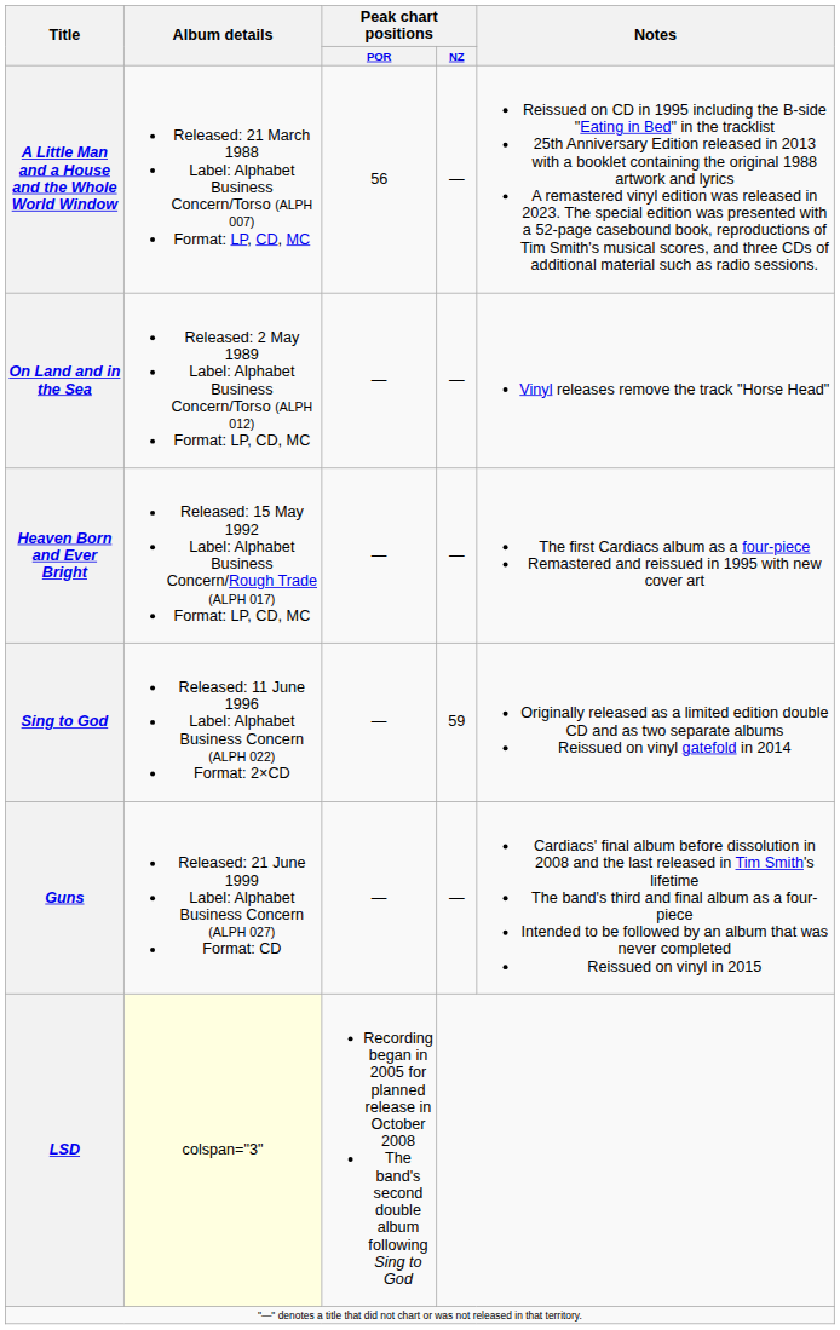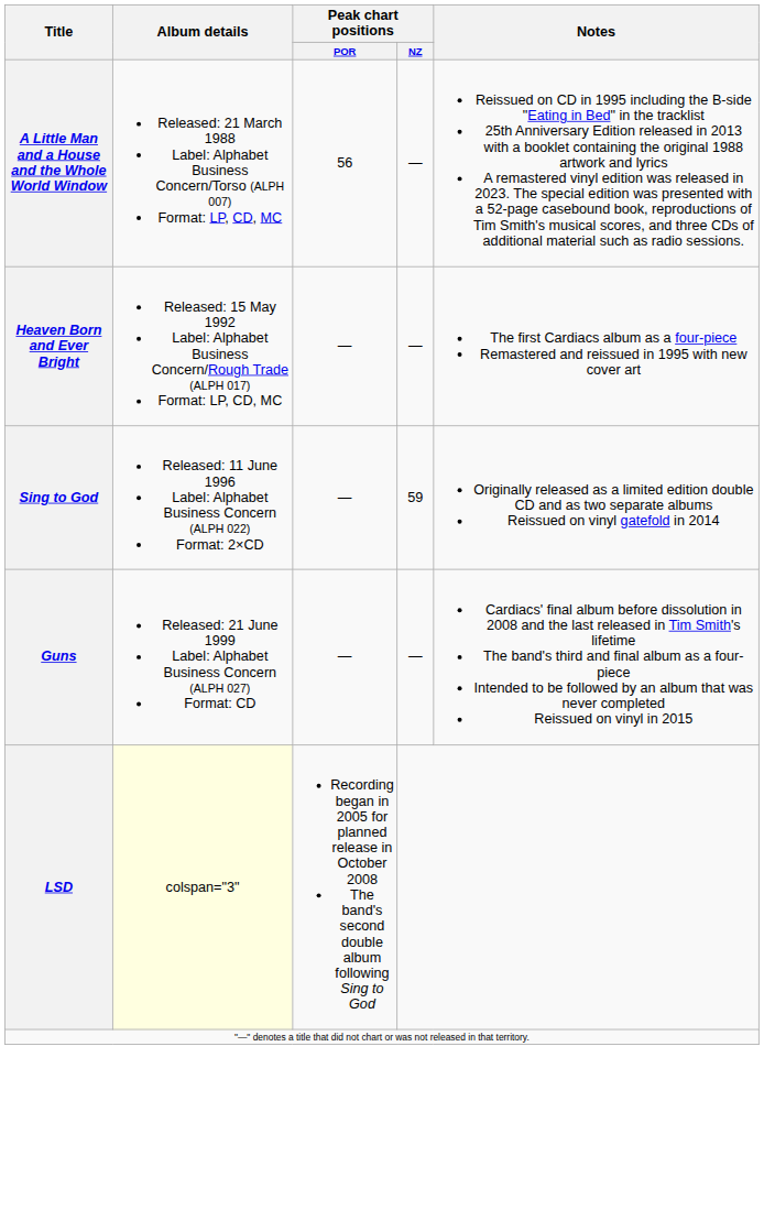 <table class="wikitable plainrowheaders" style="text-align:center;">
 <tr>
 <th rowspan="2" scope="col">Title</th>
 <th rowspan="2" scope="col">Album details</th>
 <th colspan="2" scope="col">Peak chart positions</th>
 <th rowspan="2" scope="col">Notes</th>
 </tr>
 <tr>
 <th style="width:3em;font-size:75%;"><a href='#'>POR</a><br></th>
 <th style="width:3em;font-size:75%;"><a href='#'>NZ</a><br></th>
 </tr>
 <tr>
 <th scope="row"><em><a href='#'>A Little Man and a House and the Whole World Window</a></em></th>
 <td><br><ul><li>Released: 21 March 1988</li><li>Label: Alphabet Business Concern/Torso <small>(ALPH 007)</small></li><li>Format: <a href='#'>LP</a>, <a href='#'>CD</a>, <a href='#'>MC</a></li></ul></td>
 <td align="center">56</td>
 <td>—</td>
 <td><br><ul><li>Reissued on CD in 1995 including the B-side "<a href='#'>Eating in Bed</a>" in the tracklist</li><li>25th Anniversary Edition released in 2013 with a booklet containing the original 1988 artwork and lyrics</li><li>A remastered vinyl edition was released in 2023. The special edition was presented with a 52-page casebound book, reproductions of Tim Smith's musical scores, and three CDs of additional material such as radio sessions.</li></ul></td>
-</tr>
-<tr>
-<th scope="row"><em><a href='#'>On Land and in the Sea</a></em></th>
-<td><br><ul><li>Released: 2 May 1989</li><li>Label: Alphabet Business Concern/Torso <small>(ALPH 012)</small></li><li>Format: LP, CD, MC</li></ul></td>
-<td align="center">—</td>
-<td>—</td>
-<td><br><ul><li><a href='#'>Vinyl</a> releases remove the track "Horse Head"</li></ul></td>
 </tr>
 <tr>
 <th scope="row"><em><a href='#'>Heaven Born and Ever Bright</a></em></th>
 <td><br><ul><li>Released: 15 May 1992</li><li>Label: Alphabet Business Concern/<a href='#'>Rough Trade</a> <small>(ALPH 017)</small></li><li>Format: LP, CD, MC</li></ul></td>
 <td align="center">—</td>
 <td>—</td>
 <td><br><ul><li>The first Cardiacs album as a <a href='#'>four-piece</a></li><li>Remastered and reissued in 1995 with new cover art</li></ul></td>
 </tr>
 <tr>
 <th scope="row"><em><a href='#'>Sing to God</a></em></th>
 <td><br><ul><li>Released: 11 June 1996</li><li>Label: Alphabet Business Concern <small>(ALPH 022)</small></li><li>Format: 2×CD</li></ul></td>
 <td align="center">—</td>
 <td>59</td>
 <td><br><ul><li>Originally released as a limited edition double CD and as two separate albums</li><li>Reissued on vinyl <a href='#'>gatefold</a> in 2014</li></ul></td>
 </tr>
 <tr>
 <th scope="row"><em><a href='#'>Guns</a></em></th>
 <td><br><ul><li>Released: 21 June 1999</li><li>Label: Alphabet Business Concern <small>(ALPH 027)</small></li><li>Format: CD</li></ul></td>
 <td align="center">—</td>
 <td>—</td>
 <td><br><ul><li>Cardiacs' final album before dissolution in 2008 and the last released in <a href='#'>Tim Smith</a>'s lifetime</li><li>The band's third and final album as a four-piece</li><li>Intended to be followed by an album that was never completed</li><li>Reissued on vinyl in 2015</li></ul></td>
 </tr>
 <tr>
 <th scope="row"><em><a href='#'>LSD</a></em></th>
 <td style="background: lightyellow;">colspan="3" </td>
 <td><br><ul><li>Recording began in 2005 for planned release in October 2008</li><li>The band's second double album following <em>Sing to God</em></li></ul></td>
 </tr>
 <tr>
 <td colspan="5" align="center" style="font-size: 8pt">"—" denotes a title that did not chart or was not released in that territory.</td>
 </tr>
 </table>
